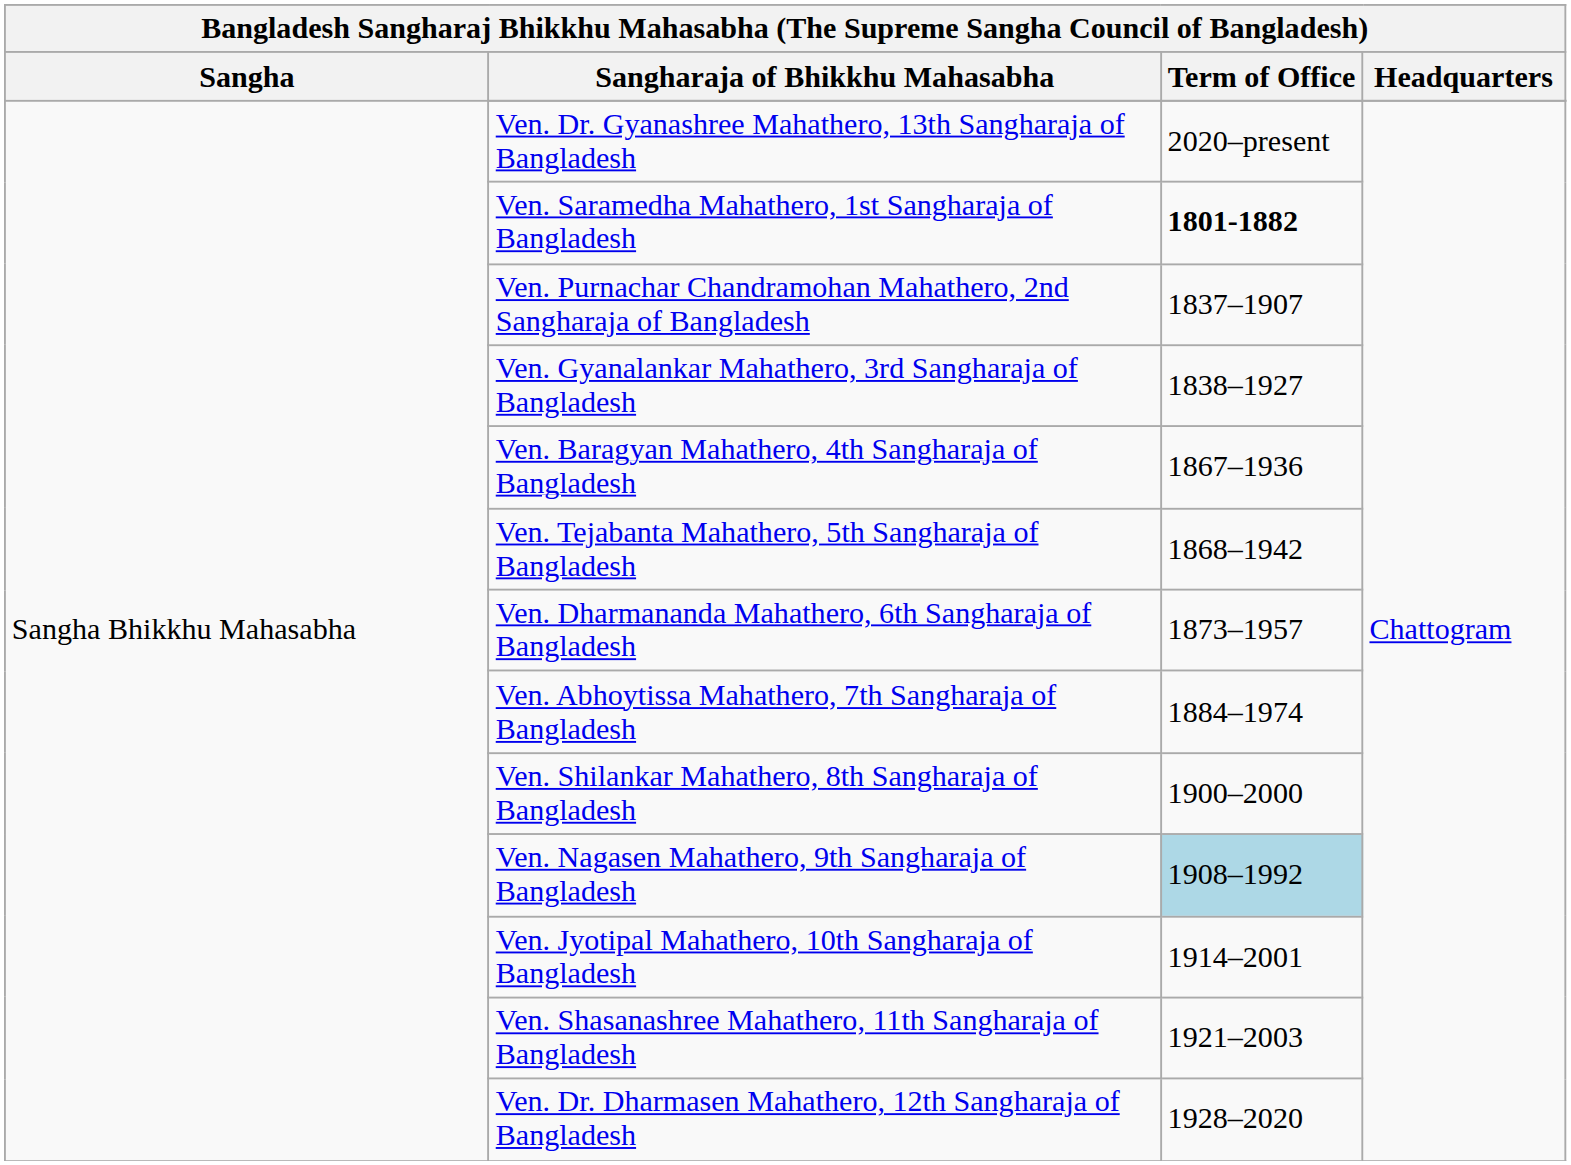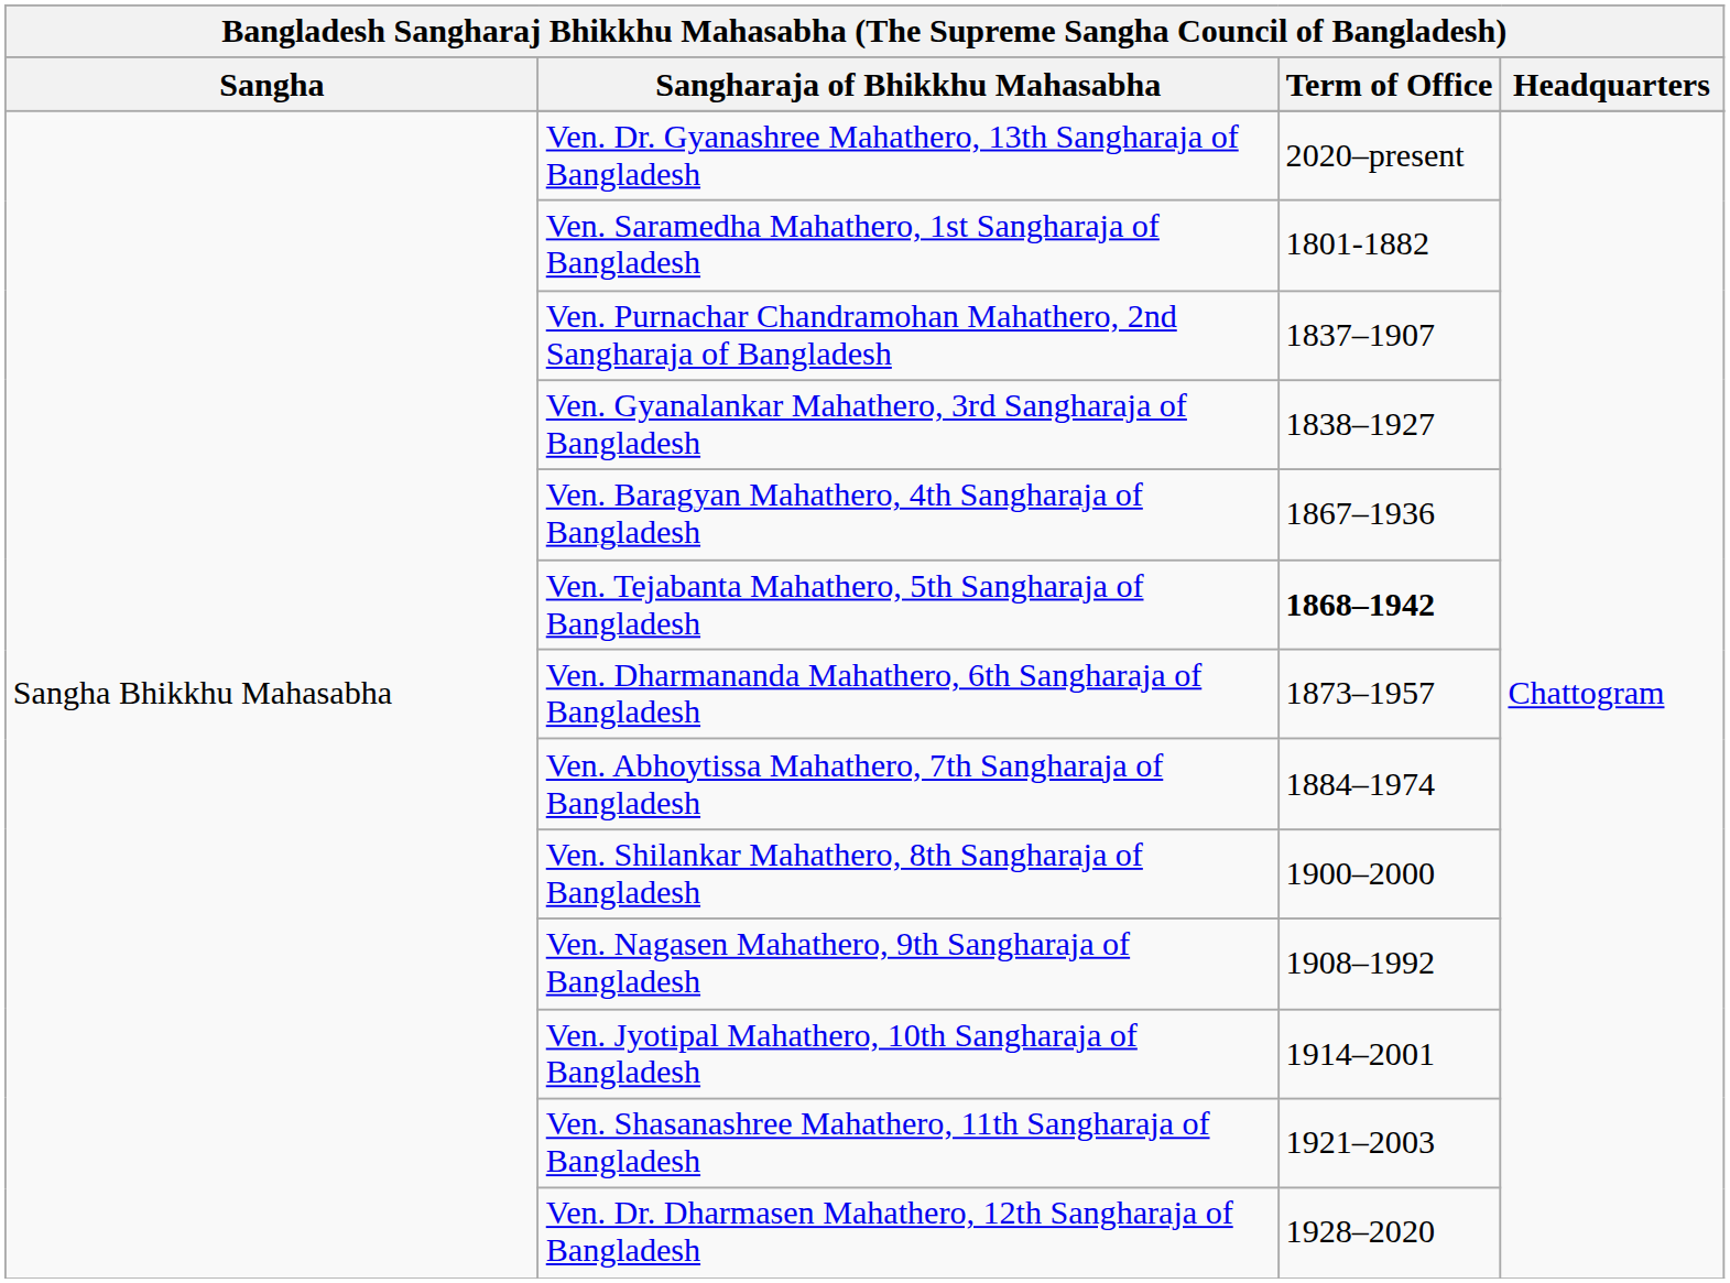 <table class=wikitable>
 <tr>
 <th colspan="4"><strong>Bangladesh Sangharaj Bhikkhu Mahasabha (The Supreme Sangha Council of Bangladesh)</strong></th>
 </tr>
 <tr>
 <th scope="row"  width="250">Sangha</th>
 <th scope="row"  width="350">Sangharaja of Bhikkhu Mahasabha</th>
 <th scope="row"  width="100">Term of Office</th>
 <th scope="row"  width="100">Headquarters</th>
 </tr>
 <tr>
 <td rowspan=20>Sangha Bhikkhu Mahasabha</td>
 </tr>
 <tr>
 <td><a href='#'>Ven. Dr. Gyanashree Mahathero, 13th Sangharaja of Bangladesh</a></td>
 <td>2020–present</td>
 <td rowspan= "20"><a href='#'>Chattogram</a></td>
 </tr>
 <tr>
 <td><a href='#'>Ven. Saramedha Mahathero, 1st Sangharaja of Bangladesh</a></td>
-<td><strong>1801-1882</strong></td>
+<td>1801-1882</td>
 </tr>
 <tr>
 <td><a href='#'>Ven. Purnachar Chandramohan Mahathero, 2nd Sangharaja of Bangladesh</a></td>
 <td>1837–1907</td>
 </tr>
 <tr>
 <td><a href='#'>Ven. Gyanalankar Mahathero, 3rd Sangharaja of Bangladesh</a></td>
 <td>1838–1927</td>
 </tr>
 <tr>
 <td><a href='#'>Ven. Baragyan Mahathero, 4th Sangharaja of Bangladesh</a></td>
 <td>1867–1936</td>
 </tr>
 <tr>
 <td><a href='#'>Ven. Tejabanta Mahathero, 5th Sangharaja of Bangladesh</a></td>
-<td>1868–1942</td>
+<td><strong>1868–1942</strong></td>
 </tr>
 <tr>
 <td><a href='#'>Ven. Dharmananda Mahathero, 6th Sangharaja of Bangladesh</a></td>
 <td>1873–1957</td>
 </tr>
 <tr>
 <td><a href='#'>Ven. Abhoytissa Mahathero, 7th Sangharaja of Bangladesh</a></td>
 <td>1884–1974</td>
 </tr>
 <tr>
 <td><a href='#'>Ven. Shilankar Mahathero, 8th Sangharaja of Bangladesh</a></td>
 <td>1900–2000</td>
 </tr>
 <tr>
 <td><a href='#'>Ven. Nagasen Mahathero, 9th Sangharaja of Bangladesh</a></td>
-<td style="background: lightblue;">1908–1992</td>
+<td>1908–1992</td>
 </tr>
 <tr>
 <td><a href='#'>Ven. Jyotipal Mahathero, 10th Sangharaja of Bangladesh</a></td>
 <td>1914–2001</td>
 </tr>
 <tr>
 <td><a href='#'>Ven. Shasanashree Mahathero, 11th Sangharaja of Bangladesh</a></td>
 <td>1921–2003</td>
 </tr>
 <tr>
 <td><a href='#'>Ven. Dr. Dharmasen Mahathero, 12th Sangharaja of Bangladesh</a></td>
 <td>1928–2020</td>
 </tr>
 </table>
